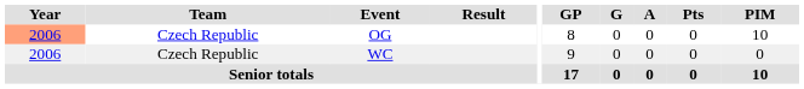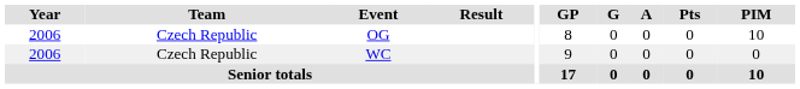 <table border="0" cellpadding="1" cellspacing="0" ID="Table3" style="text-align:center; width:50em">
 <tr ALIGN="center" bgcolor="#e0e0e0">
 <th>Year</th>
 <th>Team</th>
 <th>Event</th>
 <th>Result</th>
 <th rowspan="99" bgcolor="#ffffff"></th>
 <th>GP</th>
 <th>G</th>
 <th>A</th>
 <th>Pts</th>
 <th>PIM</th>
 </tr>
 <tr>
-<td style="background: lightsalmon;"><a href='#'>2006</a></td>
+<td><a href='#'>2006</a></td>
 <td><a href='#'>Czech Republic</a></td>
 <td><a href='#'>OG</a></td>
 <td></td>
 <td>8</td>
 <td>0</td>
 <td>0</td>
 <td>0</td>
 <td>10</td>
 </tr>
 <tr bgcolor="#f0f0f0">
 <td><a href='#'>2006</a></td>
 <td>Czech Republic</td>
 <td><a href='#'>WC</a></td>
 <td></td>
 <td>9</td>
 <td>0</td>
 <td>0</td>
 <td>0</td>
 <td>0</td>
 </tr>
 <tr bgcolor="#e0e0e0">
 <th colspan="4">Senior totals</th>
 <th>17</th>
 <th>0</th>
 <th>0</th>
 <th>0</th>
 <th>10</th>
 </tr>
 </table>
